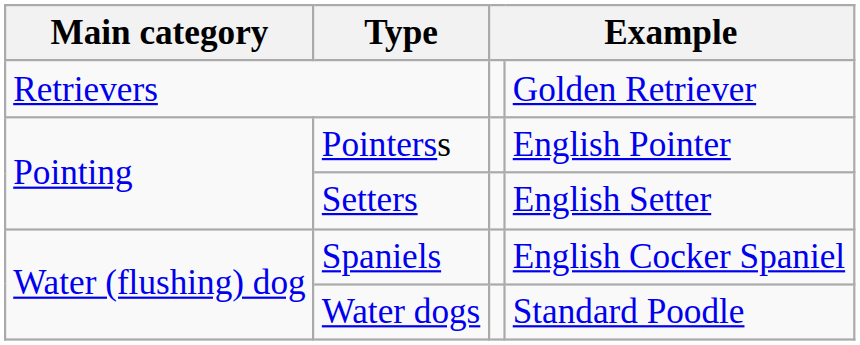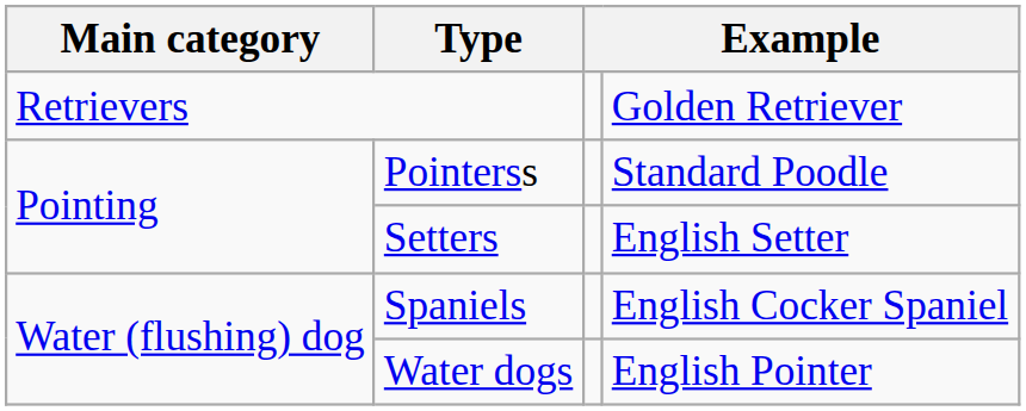 <table class="wikitable">
 <tr>
 <th>Main category</th>
 <th>Type</th>
 <th colspan=2>Example</th>
 </tr>
 <tr>
 <td colspan="2"><a href='#'>Retrievers</a></td>
 <td></td>
 <td><a href='#'>Golden Retriever</a></td>
 </tr>
 <tr>
 <td rowspan="2"><a href='#'>Pointing</a></td>
 <td><a href='#'>Pointers</a>s</td>
 <td></td>
-<td><a href='#'>English Pointer</a></td>
+<td><a href='#'>Standard Poodle</a></td>
 </tr>
 <tr>
 <td><a href='#'>Setters</a></td>
 <td></td>
 <td><a href='#'>English Setter</a></td>
 </tr>
 <tr>
 <td rowspan="2"><a href='#'>Water (flushing) dog</a></td>
 <td><a href='#'>Spaniels</a></td>
 <td></td>
 <td><a href='#'>English Cocker Spaniel</a></td>
 </tr>
 <tr>
 <td><a href='#'>Water dogs</a></td>
 <td></td>
-<td><a href='#'>Standard Poodle</a></td>
+<td><a href='#'>English Pointer</a></td>
 </tr>
 </table>
